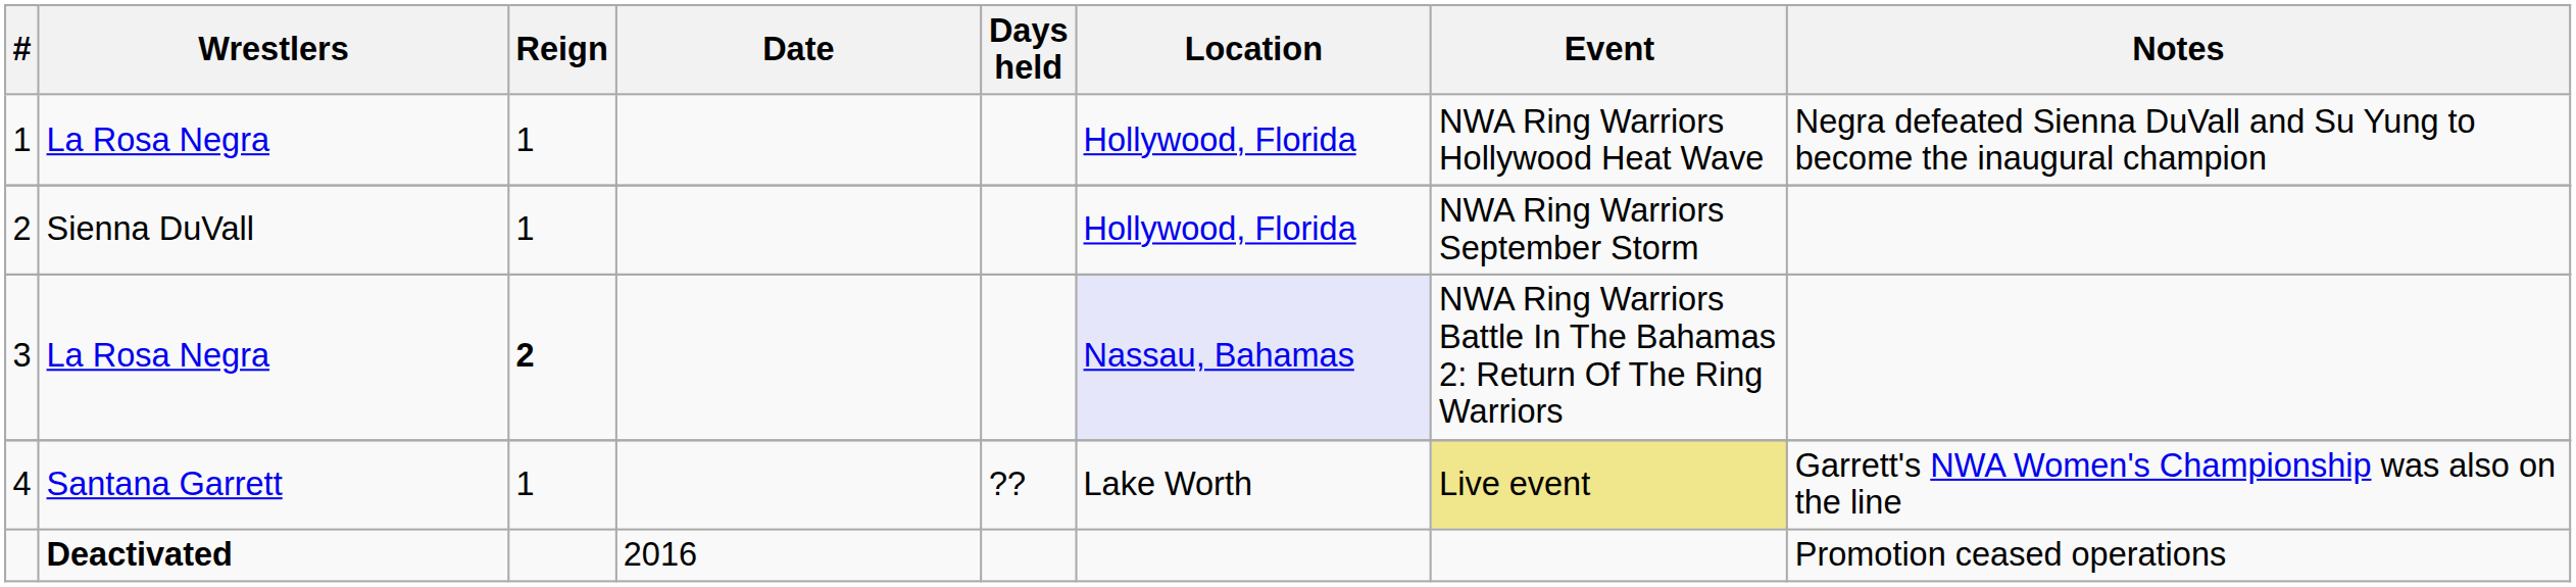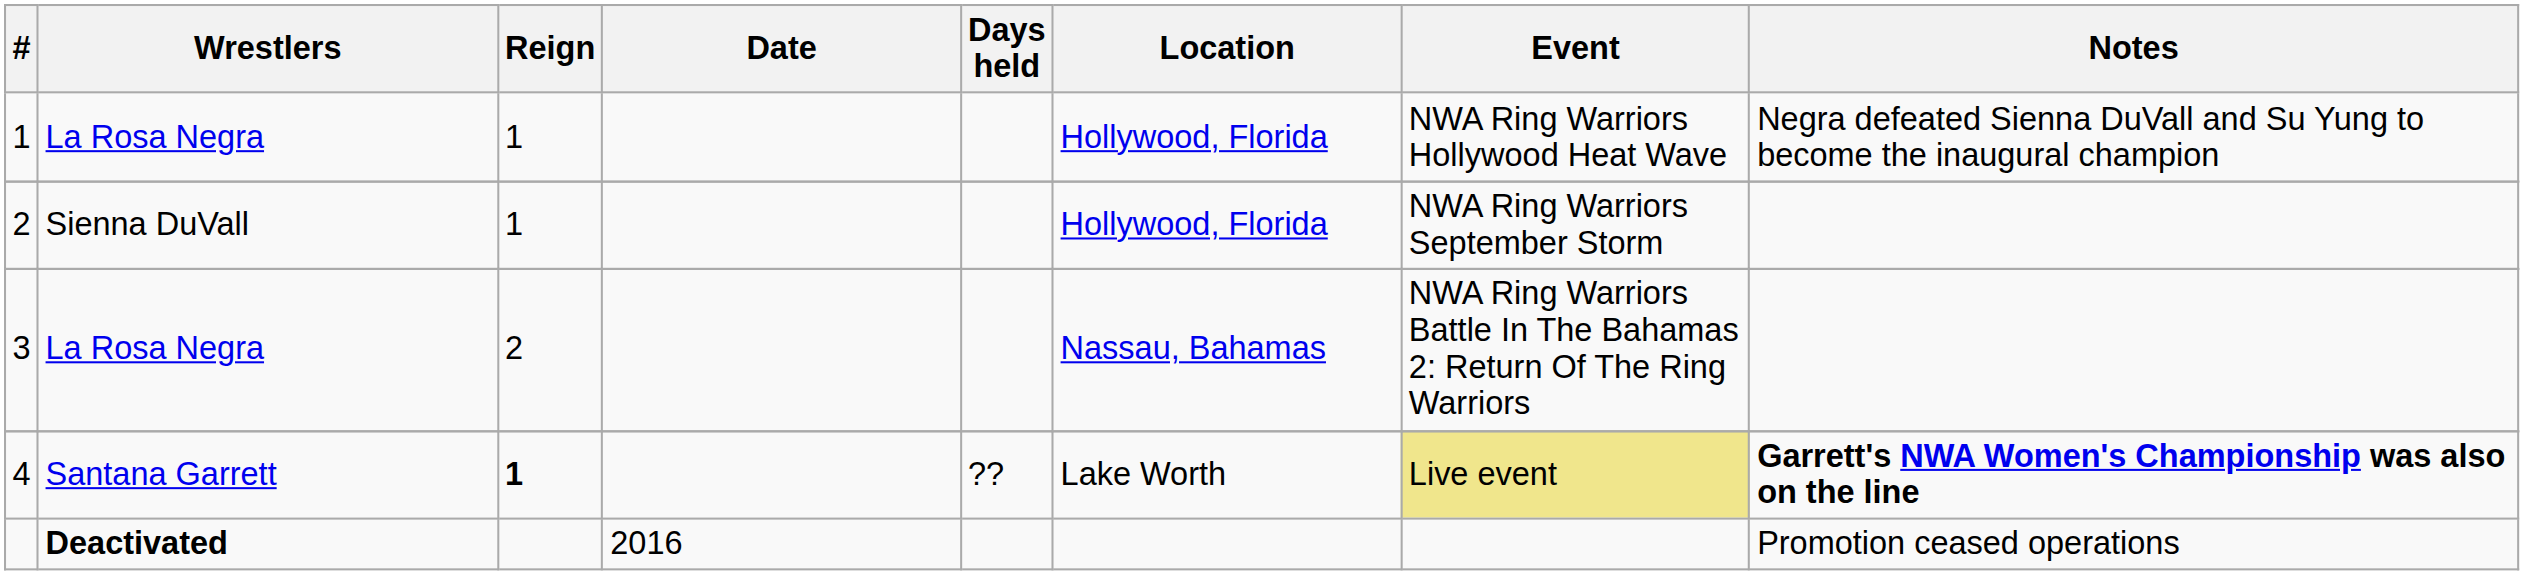 <table class="wikitable sortable" width=98%>
 <tr>
 <th width=0%>#</th>
 <th width=20%>Wrestlers</th>
 <th width=0%>Reign</th>
 <th width=16%>Date</th>
 <th width=0%>Days<br>held</th>
 <th width=15%>Location</th>
 <th width=15%>Event</th>
 <th width=44% class="unsortable">Notes</th>
 </tr>
 <tr>
 <td>1</td>
 <td><a href='#'>La Rosa Negra</a></td>
 <td>1</td>
 <td></td>
 <td></td>
 <td><a href='#'>Hollywood, Florida</a></td>
 <td>NWA Ring Warriors Hollywood Heat Wave</td>
 <td>Negra defeated Sienna DuVall and Su Yung to become the inaugural champion</td>
 </tr>
 <tr>
 </tr>
 <tr>
 <td>2</td>
 <td>Sienna DuVall</td>
 <td>1</td>
 <td></td>
 <td></td>
 <td><a href='#'>Hollywood, Florida</a></td>
 <td>NWA Ring Warriors September Storm</td>
 <td></td>
 </tr>
 <tr>
 </tr>
 <tr>
 <td>3</td>
 <td><a href='#'>La Rosa Negra</a></td>
-<td><strong>2</strong></td>
+<td>2</td>
 <td></td>
 <td></td>
-<td style="background: lavender;"><a href='#'>Nassau, Bahamas</a></td>
+<td><a href='#'>Nassau, Bahamas</a></td>
 <td>NWA Ring Warriors Battle In The Bahamas 2: Return Of The Ring Warriors</td>
 <td></td>
 </tr>
 <tr>
 </tr>
 <tr>
 <td>4</td>
 <td><a href='#'>Santana Garrett</a></td>
-<td>1</td>
+<td><strong>1</strong></td>
 <td></td>
 <td>??</td>
 <td>Lake Worth</td>
 <td style="background: khaki;">Live event</td>
-<td>Garrett's <a href='#'>NWA Women's Championship</a> was also on the line</td>
+<td><strong>Garrett's <a href='#'>NWA Women's Championship</a> was also on the line</strong></td>
 </tr>
 <tr>
 <td></td>
 <td><strong>Deactivated</strong></td>
 <td></td>
 <td>2016</td>
 <td></td>
 <td></td>
 <td></td>
 <td>Promotion ceased operations</td>
 </tr>
 </table>
